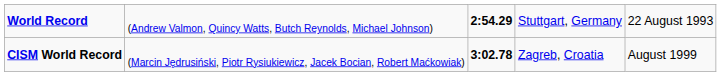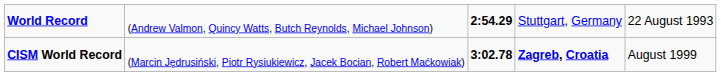 <table class="wikitable">
 <tr>
 <td><strong><a href='#'>World Record</a></strong></td>
 <td><br><small>(<a href='#'>Andrew Valmon</a>, <a href='#'>Quincy Watts</a>, <a href='#'>Butch Reynolds</a>, <a href='#'>Michael Johnson</a>)</small></td>
 <td><strong>2:54.29</strong></td>
 <td><a href='#'>Stuttgart</a>, <a href='#'>Germany</a></td>
 <td>22 August 1993</td>
 </tr>
 <tr>
 <td><strong><a href='#'>CISM</a> World Record</strong></td>
 <td><br><small>(<a href='#'>Marcin Jędrusiński</a>, <a href='#'>Piotr Rysiukiewicz</a>, <a href='#'>Jacek Bocian</a>, <a href='#'>Robert Maćkowiak</a>)</small></td>
 <td><strong>3:02.78</strong></td>
-<td><a href='#'>Zagreb</a>, <a href='#'>Croatia</a></td>
+<td><strong><a href='#'>Zagreb</a>, <a href='#'>Croatia</a></strong></td>
 <td>August 1999</td>
 </tr>
 </table>
